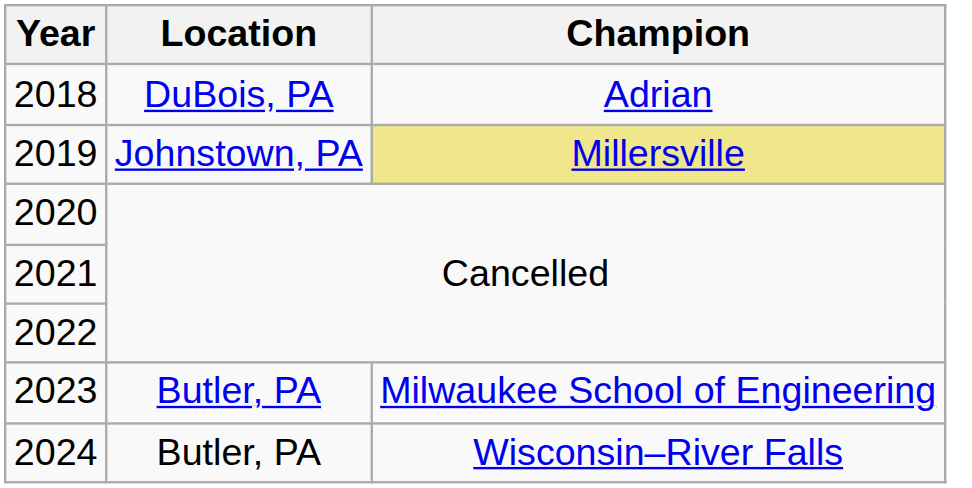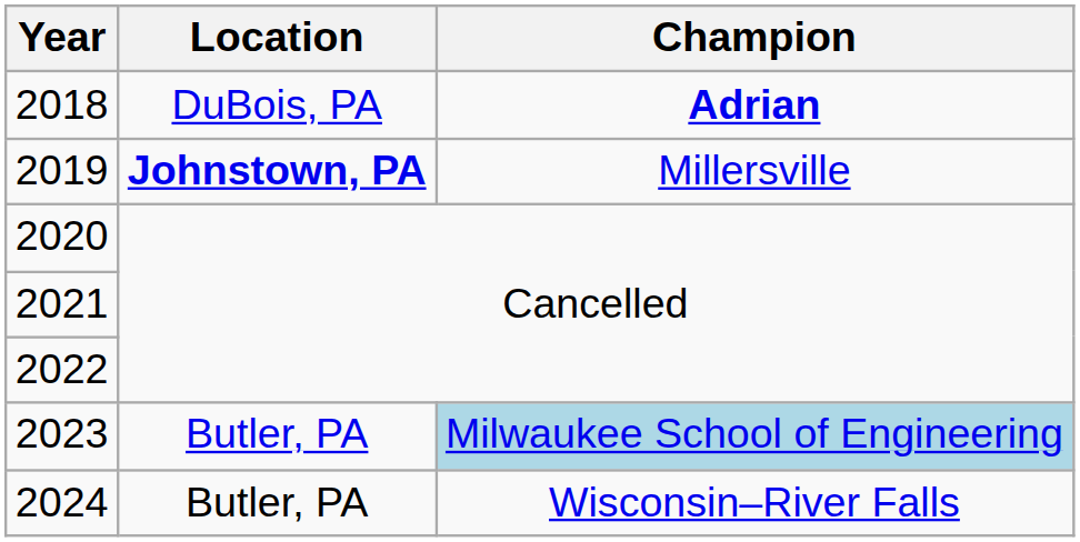 <table class="wikitable" style="text-align:center;">
 <tr>
 <th>Year</th>
 <th>Location</th>
 <th>Champion</th>
 </tr>
 <tr>
 <td>2018</td>
 <td><a href='#'>DuBois, PA</a></td>
-<td><a href='#'>Adrian</a></td>
+<td><strong><a href='#'>Adrian</a></strong></td>
 </tr>
 <tr>
 <td>2019</td>
-<td><a href='#'>Johnstown, PA</a></td>
-<td style="background: khaki;"><a href='#'>Millersville</a></td>
+<td><strong><a href='#'>Johnstown, PA</a></strong></td>
+<td><a href='#'>Millersville</a></td>
 </tr>
 <tr>
 <td>2020</td>
 <td rowspan=3 colspan=2>Cancelled</td>
 </tr>
 <tr>
 <td>2021</td>
 </tr>
 <tr>
 <td>2022</td>
 </tr>
 <tr>
 <td>2023</td>
 <td><a href='#'>Butler, PA</a></td>
-<td><a href='#'>Milwaukee School of Engineering</a></td>
+<td style="background: lightblue;"><a href='#'>Milwaukee School of Engineering</a></td>
 </tr>
 <tr>
 <td>2024</td>
 <td>Butler, PA</td>
 <td><a href='#'>Wisconsin–River Falls</a><br></td>
 </tr>
 </table>
